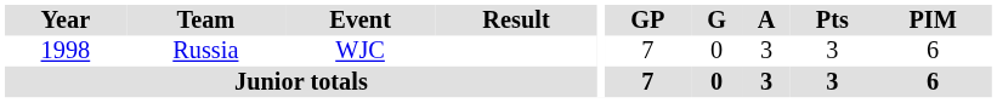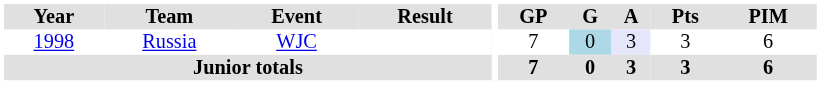 <table border="0" cellpadding="1" cellspacing="0" ID="Table3" style="text-align:center; width:40em">
 <tr ALIGN="center" bgcolor="#e0e0e0">
 <th>Year</th>
 <th>Team</th>
 <th>Event</th>
 <th>Result</th>
 <th rowspan="99" bgcolor="#ffffff"></th>
 <th>GP</th>
 <th>G</th>
 <th>A</th>
 <th>Pts</th>
 <th>PIM</th>
 </tr>
 <tr>
 <td><a href='#'>1998</a></td>
 <td><a href='#'>Russia</a></td>
 <td><a href='#'>WJC</a></td>
 <td></td>
 <td>7</td>
-<td>0</td>
-<td>3</td>
+<td style="background: lightblue;">0</td>
+<td style="background: lavender;">3</td>
 <td>3</td>
 <td>6</td>
 </tr>
 <tr bgcolor="#e0e0e0">
 <th colspan="4">Junior totals</th>
 <th>7</th>
 <th>0</th>
 <th>3</th>
 <th>3</th>
 <th>6</th>
 </tr>
 </table>
